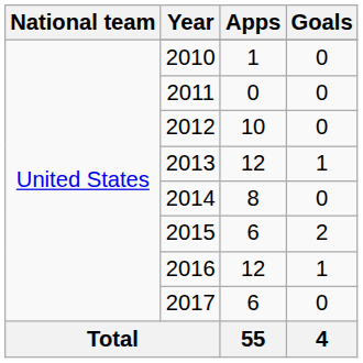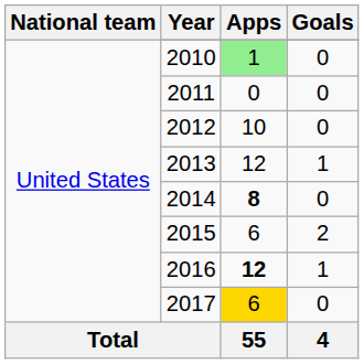 <table class="wikitable" style="text-align: center;">
 <tr>
 <th>National team</th>
 <th>Year</th>
 <th>Apps</th>
 <th>Goals</th>
 </tr>
 <tr>
 <td rowspan=9><a href='#'>United States</a></td>
 </tr>
 <tr>
 <td>2010</td>
-<td>1</td>
+<td style="background: lightgreen;">1</td>
 <td>0</td>
 </tr>
 <tr>
 <td>2011</td>
 <td>0</td>
 <td>0</td>
 </tr>
 <tr>
 <td>2012</td>
 <td>10</td>
 <td>0</td>
 </tr>
 <tr>
 <td>2013</td>
 <td>12</td>
 <td>1</td>
 </tr>
 <tr>
 <td>2014</td>
-<td>8</td>
+<td><strong>8</strong></td>
 <td>0</td>
 </tr>
 <tr>
 <td>2015</td>
 <td>6</td>
 <td>2</td>
 </tr>
 <tr>
 <td>2016</td>
-<td>12</td>
+<td><strong>12</strong></td>
 <td>1</td>
 </tr>
 <tr>
 <td>2017</td>
-<td>6</td>
+<td style="background: gold;">6</td>
 <td>0</td>
 </tr>
 <tr>
 <th colspan=2>Total</th>
 <th>55</th>
 <th>4</th>
 </tr>
 </table>
